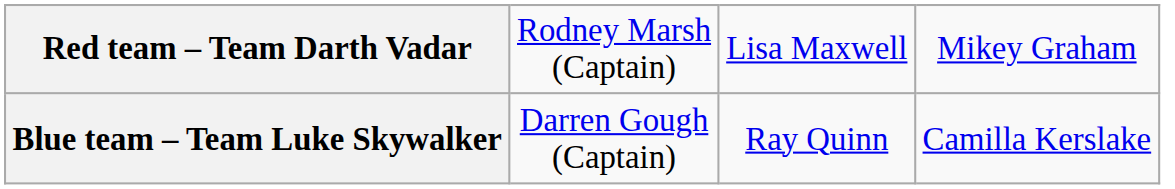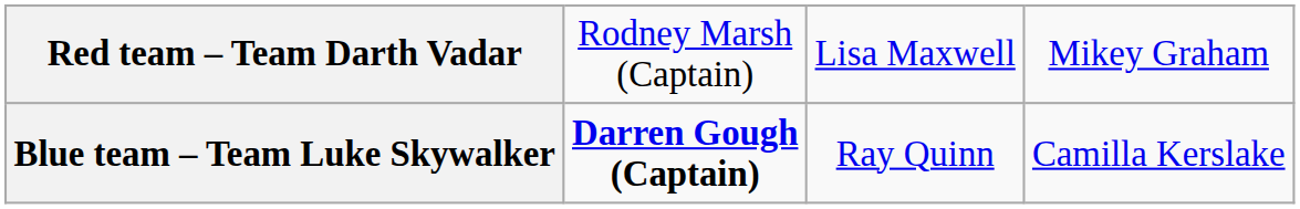 <table class="wikitable" style="text-align:center">
 <tr>
 <th scope="row">Red team – Team Darth Vadar</th>
 <td><a href='#'>Rodney Marsh</a><br>(Captain)</td>
 <td><a href='#'>Lisa Maxwell</a></td>
 <td><a href='#'>Mikey Graham</a></td>
 </tr>
 <tr>
 <th scope="row">Blue team – Team Luke Skywalker</th>
-<td><a href='#'>Darren Gough</a><br>(Captain)</td>
+<td><strong><a href='#'>Darren Gough</a><br>(Captain)</strong></td>
 <td><a href='#'>Ray Quinn</a></td>
 <td><a href='#'>Camilla Kerslake</a></td>
 </tr>
 </table>
